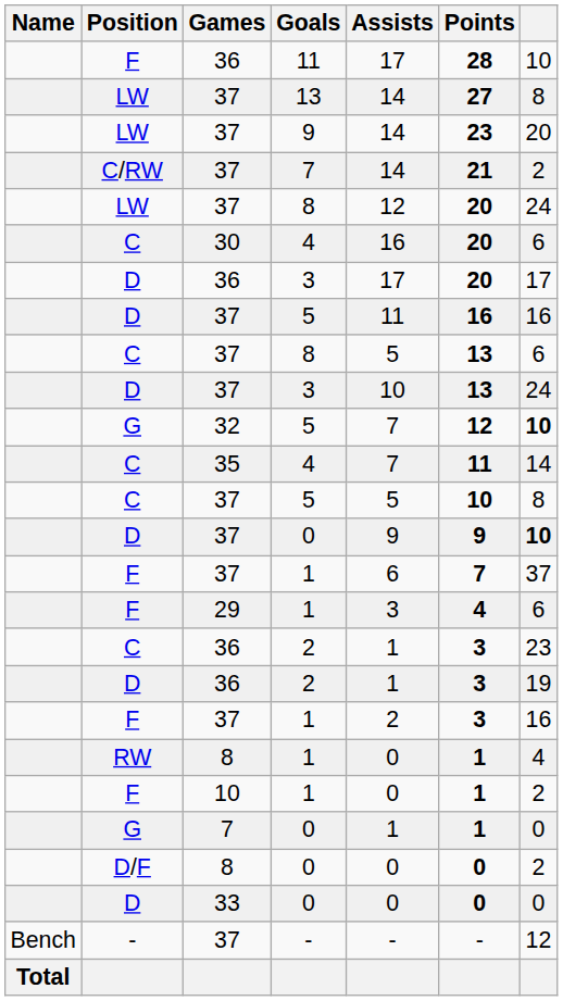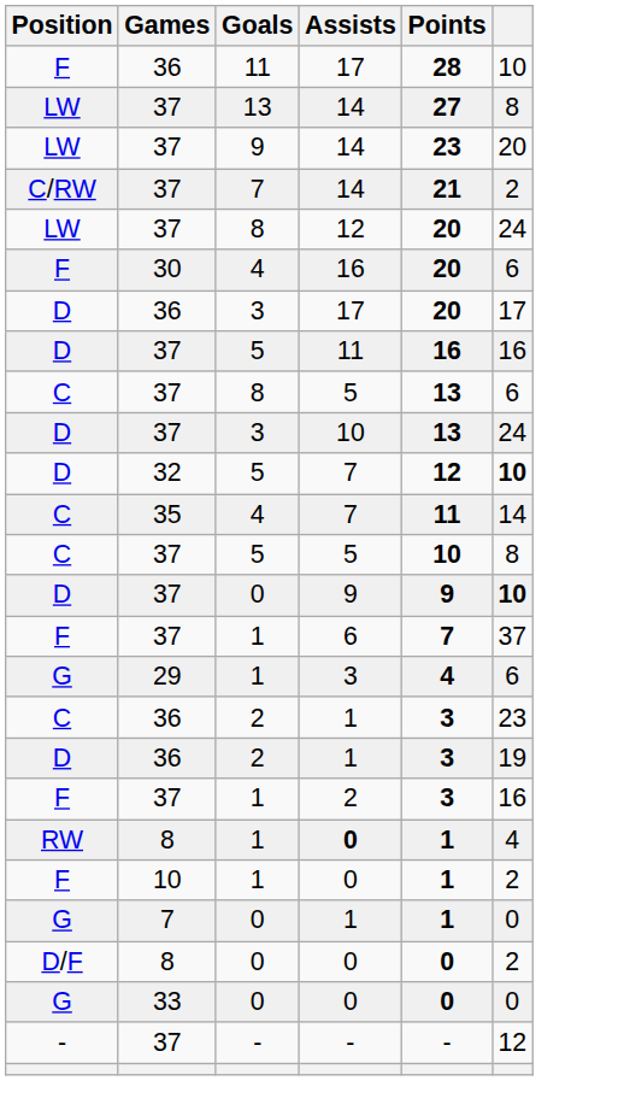 <table class="wikitable sortable">
 <tr align="center">
-<th>Name</th>
 <th>Position</th>
 <th>Games</th>
 <th>Goals</th>
 <th>Assists</th>
 <th>Points</th>
 <th><a href='#'></a></th>
 </tr>
 <tr align="center" bgcolor="">
-<td></td>
 <td><a href='#'>F</a></td>
 <td>36</td>
 <td>11</td>
 <td>17</td>
 <td><strong>28</strong></td>
 <td>10</td>
 </tr>
 <tr align="center" bgcolor="f0f0f0">
-<td></td>
 <td><a href='#'>LW</a></td>
 <td>37</td>
 <td>13</td>
 <td>14</td>
 <td><strong>27</strong></td>
 <td>8</td>
 </tr>
 <tr align="center" bgcolor="">
-<td></td>
 <td><a href='#'>LW</a></td>
 <td>37</td>
 <td>9</td>
 <td>14</td>
 <td><strong>23</strong></td>
 <td>20</td>
 </tr>
 <tr align="center" bgcolor="f0f0f0">
-<td></td>
 <td><a href='#'>C</a>/<a href='#'>RW</a></td>
 <td>37</td>
 <td>7</td>
 <td>14</td>
 <td><strong>21</strong></td>
 <td>2</td>
 </tr>
 <tr align="center" bgcolor="">
-<td></td>
 <td><a href='#'>LW</a></td>
 <td>37</td>
 <td>8</td>
 <td>12</td>
 <td><strong>20</strong></td>
 <td>24</td>
 </tr>
 <tr align="center" bgcolor="f0f0f0">
-<td></td>
-<td><a href='#'>C</a></td>
+<td><a href='#'>F</a></td>
 <td>30</td>
 <td>4</td>
 <td>16</td>
 <td><strong>20</strong></td>
 <td>6</td>
 </tr>
 <tr align="center" bgcolor="">
-<td></td>
 <td><a href='#'>D</a></td>
 <td>36</td>
 <td>3</td>
 <td>17</td>
 <td><strong>20</strong></td>
 <td>17</td>
 </tr>
 <tr align="center" bgcolor="f0f0f0">
-<td></td>
 <td><a href='#'>D</a></td>
 <td>37</td>
 <td>5</td>
 <td>11</td>
 <td><strong>16</strong></td>
 <td>16</td>
 </tr>
 <tr align="center" bgcolor="">
-<td></td>
 <td><a href='#'>C</a></td>
 <td>37</td>
 <td>8</td>
 <td>5</td>
 <td><strong>13</strong></td>
 <td>6</td>
 </tr>
 <tr align="center" bgcolor="f0f0f0">
-<td></td>
 <td><a href='#'>D</a></td>
 <td>37</td>
 <td>3</td>
 <td>10</td>
 <td><strong>13</strong></td>
 <td>24</td>
 </tr>
 <tr align="center" bgcolor="">
-<td></td>
-<td><a href='#'>G</a></td>
+<td><a href='#'>D</a></td>
 <td>32</td>
 <td>5</td>
 <td>7</td>
 <td><strong>12</strong></td>
 <td><strong>10</strong></td>
 </tr>
 <tr align="center" bgcolor="f0f0f0">
-<td></td>
 <td><a href='#'>C</a></td>
 <td>35</td>
 <td>4</td>
 <td>7</td>
 <td><strong>11</strong></td>
 <td>14</td>
 </tr>
 <tr align="center" bgcolor="">
-<td></td>
 <td><a href='#'>C</a></td>
 <td>37</td>
 <td>5</td>
 <td>5</td>
 <td><strong>10</strong></td>
 <td>8</td>
 </tr>
 <tr align="center" bgcolor="f0f0f0">
-<td></td>
 <td><a href='#'>D</a></td>
 <td>37</td>
 <td>0</td>
 <td>9</td>
 <td><strong>9</strong></td>
 <td><strong>10</strong></td>
 </tr>
 <tr align="center" bgcolor="">
-<td></td>
 <td><a href='#'>F</a></td>
 <td>37</td>
 <td>1</td>
 <td>6</td>
 <td><strong>7</strong></td>
 <td>37</td>
 </tr>
 <tr align="center" bgcolor="f0f0f0">
-<td></td>
-<td><a href='#'>F</a></td>
+<td><a href='#'>G</a></td>
 <td>29</td>
 <td>1</td>
 <td>3</td>
 <td><strong>4</strong></td>
 <td>6</td>
 </tr>
 <tr align="center" bgcolor="">
-<td></td>
 <td><a href='#'>C</a></td>
 <td>36</td>
 <td>2</td>
 <td>1</td>
 <td><strong>3</strong></td>
 <td>23</td>
 </tr>
 <tr align="center" bgcolor="f0f0f0">
-<td></td>
 <td><a href='#'>D</a></td>
 <td>36</td>
 <td>2</td>
 <td>1</td>
 <td><strong>3</strong></td>
 <td>19</td>
 </tr>
 <tr align="center" bgcolor="">
-<td></td>
 <td><a href='#'>F</a></td>
 <td>37</td>
 <td>1</td>
 <td>2</td>
 <td><strong>3</strong></td>
 <td>16</td>
 </tr>
 <tr align="center" bgcolor="f0f0f0">
-<td></td>
 <td><a href='#'>RW</a></td>
 <td>8</td>
 <td>1</td>
-<td>0</td>
+<td><strong>0</strong></td>
 <td><strong>1</strong></td>
 <td>4</td>
 </tr>
 <tr align="center" bgcolor="">
-<td></td>
 <td><a href='#'>F</a></td>
 <td>10</td>
 <td>1</td>
 <td>0</td>
 <td><strong>1</strong></td>
 <td>2</td>
 </tr>
 <tr align="center" bgcolor="f0f0f0">
-<td></td>
 <td><a href='#'>G</a></td>
 <td>7</td>
 <td>0</td>
 <td>1</td>
 <td><strong>1</strong></td>
 <td>0</td>
 </tr>
 <tr align="center" bgcolor="">
-<td></td>
 <td><a href='#'>D</a>/<a href='#'>F</a></td>
 <td>8</td>
 <td>0</td>
 <td>0</td>
 <td><strong>0</strong></td>
 <td>2</td>
 </tr>
 <tr align="center" bgcolor="f0f0f0">
-<td></td>
-<td><a href='#'>D</a></td>
+<td><a href='#'>G</a></td>
 <td>33</td>
 <td>0</td>
 <td>0</td>
 <td><strong>0</strong></td>
 <td>0</td>
 </tr>
 <tr align="center" bgcolor="">
-<td>Bench</td>
 <td>-</td>
 <td>37</td>
 <td>-</td>
 <td>-</td>
 <td>-</td>
 <td>12</td>
 </tr>
 <tr>
-<th>Total</th>
 <th></th>
 <th></th>
 <th></th>
 <th></th>
 <th></th>
 <th></th>
 </tr>
 </table>
